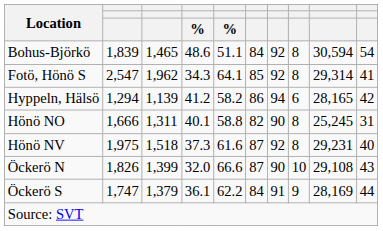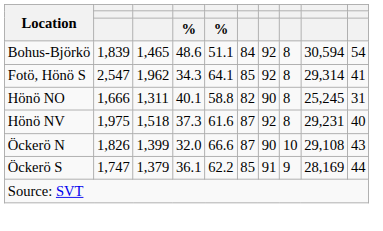 <table role="presentation" class="wikitable sortable mw-collapsible">
 <tr>
 <th rowspan="3">Location</th>
 <th></th>
 <th></th>
 <th></th>
 <th></th>
 <th></th>
 <th></th>
 <th></th>
 <th></th>
 <th></th>
 </tr>
 <tr>
 <th></th>
 <th></th>
 <th style="background:"></th>
 <th style="background:"></th>
 <th></th>
 <th></th>
 <th></th>
 <th></th>
 <th></th>
 </tr>
 <tr>
 <th data-sort-type="number"></th>
 <th data-sort-type="number"></th>
 <th data-sort-type="number">%</th>
 <th data-sort-type="number">%</th>
 <th data-sort-type="number"></th>
 <th data-sort-type="number"></th>
 <th data-sort-type="number"></th>
 <th data-sort-type="number"></th>
 <th data-sort-type="number"></th>
 </tr>
 <tr>
 <td align="left">Bohus-Björkö</td>
 <td>1,839</td>
 <td>1,465</td>
 <td>48.6</td>
 <td>51.1</td>
 <td>84</td>
 <td>92</td>
 <td>8</td>
 <td>30,594</td>
 <td>54</td>
 </tr>
 <tr>
 <td align="left">Fotö, Hönö S</td>
 <td>2,547</td>
 <td>1,962</td>
 <td>34.3</td>
 <td>64.1</td>
 <td>85</td>
 <td>92</td>
 <td>8</td>
 <td>29,314</td>
 <td>41</td>
 </tr>
 <tr>
-<td align="left">Hyppeln, Hälsö</td>
-<td>1,294</td>
-<td>1,139</td>
-<td>41.2</td>
-<td>58.2</td>
-<td>86</td>
-<td>94</td>
-<td>6</td>
-<td>28,165</td>
-<td>42</td>
-</tr>
-<tr>
 <td align="left">Hönö NO</td>
 <td>1,666</td>
 <td>1,311</td>
 <td>40.1</td>
 <td>58.8</td>
 <td>82</td>
 <td>90</td>
 <td>8</td>
 <td>25,245</td>
 <td>31</td>
 </tr>
 <tr>
 <td align="left">Hönö NV</td>
 <td>1,975</td>
 <td>1,518</td>
 <td>37.3</td>
 <td>61.6</td>
 <td>87</td>
 <td>92</td>
 <td>8</td>
 <td>29,231</td>
 <td>40</td>
 </tr>
 <tr>
 <td align="left">Öckerö N</td>
 <td>1,826</td>
 <td>1,399</td>
 <td>32.0</td>
 <td>66.6</td>
 <td>87</td>
 <td>90</td>
 <td>10</td>
 <td>29,108</td>
 <td>43</td>
 </tr>
 <tr>
 <td align="left">Öckerö S</td>
 <td>1,747</td>
 <td>1,379</td>
 <td>36.1</td>
 <td>62.2</td>
-<td>84</td>
+<td>85</td>
 <td>91</td>
 <td>9</td>
 <td>28,169</td>
 <td>44</td>
 </tr>
 <tr>
 <td colspan="10" align="left">Source: <a href='#'>SVT</a></td>
 </tr>
 </table>
